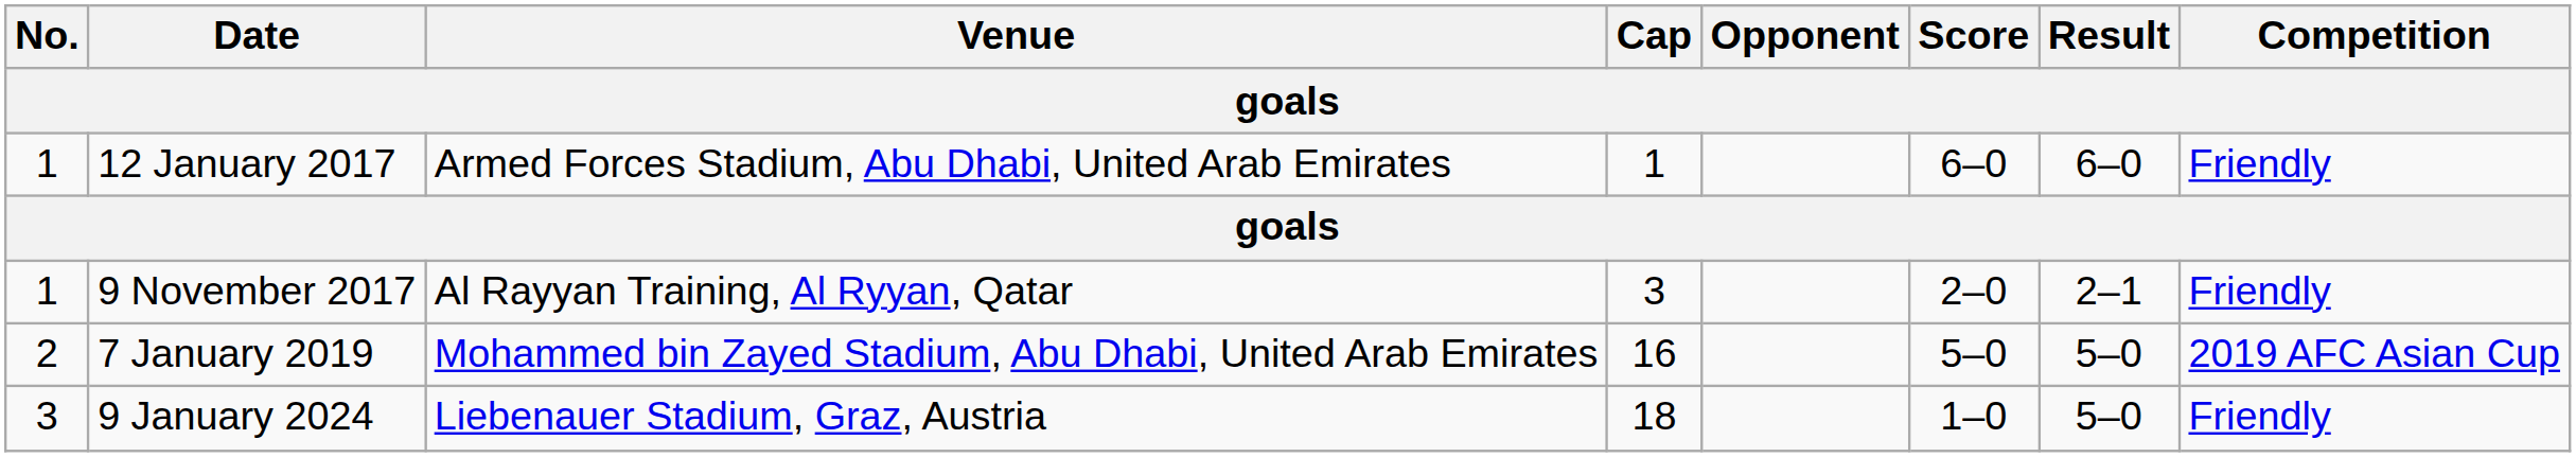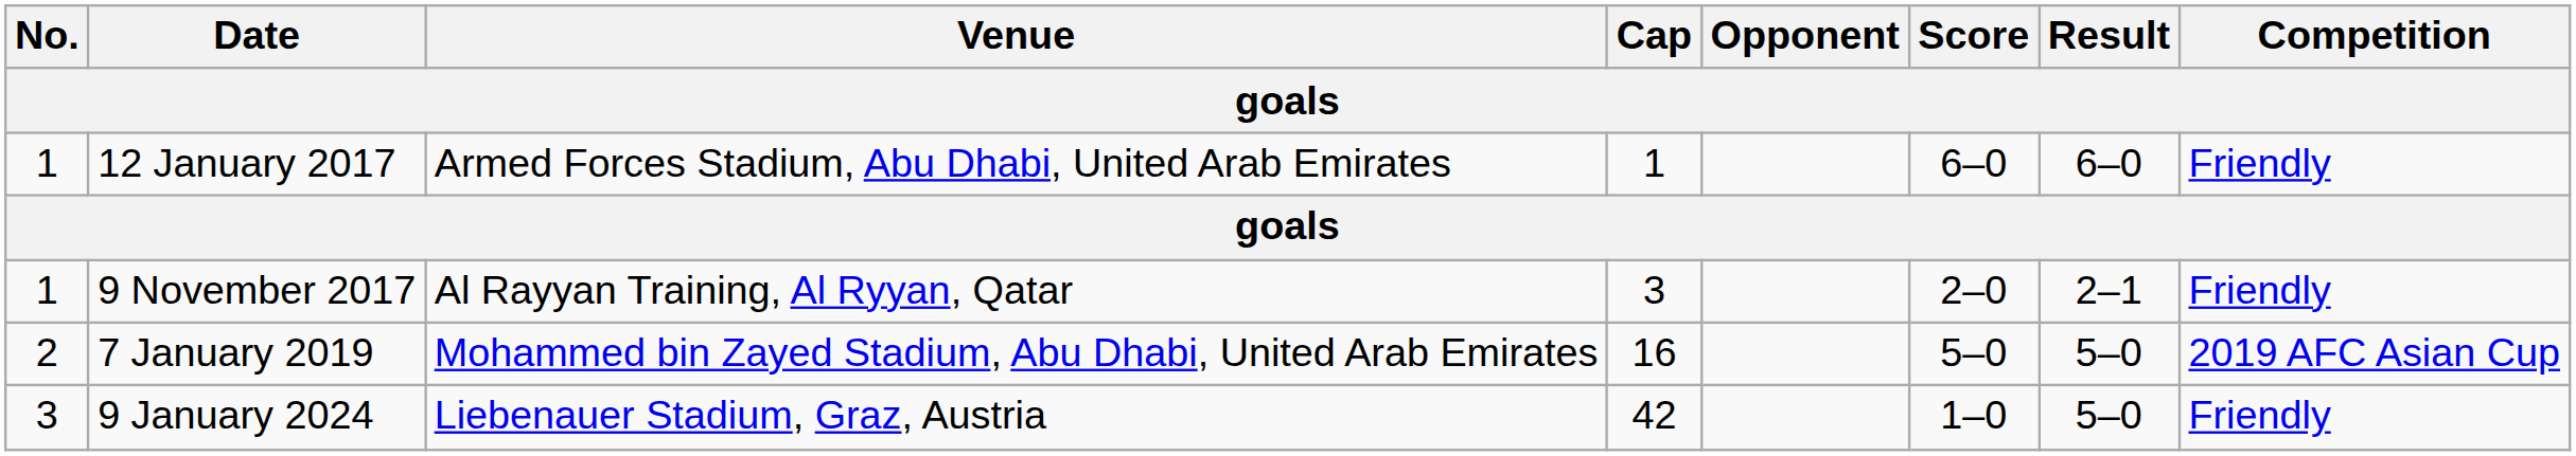 <table class="wikitable">
 <tr>
 <th>No.</th>
 <th>Date</th>
 <th>Venue</th>
 <th>Cap</th>
 <th>Opponent</th>
 <th>Score</th>
 <th>Result</th>
 <th>Competition</th>
 </tr>
 <tr>
 <th colspan="8"> goals</th>
 </tr>
 <tr>
 <td align="center">1</td>
 <td>12 January 2017</td>
 <td>Armed Forces Stadium, <a href='#'>Abu Dhabi</a>, United Arab Emirates</td>
 <td align="center">1</td>
 <td></td>
 <td align="center">6–0</td>
 <td align="center">6–0</td>
 <td><a href='#'>Friendly</a></td>
 </tr>
 <tr>
 <th colspan="8"> goals</th>
 </tr>
 <tr>
 <td align="center">1</td>
 <td>9 November 2017</td>
 <td>Al Rayyan Training, <a href='#'>Al Ryyan</a>, Qatar</td>
 <td align="center">3</td>
 <td></td>
 <td align="center">2–0</td>
 <td align="center">2–1</td>
 <td><a href='#'>Friendly</a></td>
 </tr>
 <tr>
 <td align="center">2</td>
 <td>7 January 2019</td>
 <td><a href='#'>Mohammed bin Zayed Stadium</a>, <a href='#'>Abu Dhabi</a>, United Arab Emirates</td>
 <td align="center">16</td>
 <td></td>
 <td align="center">5–0</td>
 <td align="center">5–0</td>
 <td><a href='#'>2019 AFC Asian Cup</a></td>
 </tr>
 <tr>
 <td align="center">3</td>
 <td>9 January 2024</td>
 <td><a href='#'>Liebenauer Stadium</a>, <a href='#'>Graz</a>, Austria</td>
-<td align="center">18</td>
+<td align="center">42</td>
 <td></td>
 <td align="center">1–0</td>
 <td align="center">5–0</td>
 <td><a href='#'>Friendly</a></td>
 </tr>
 </table>
